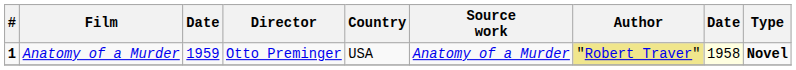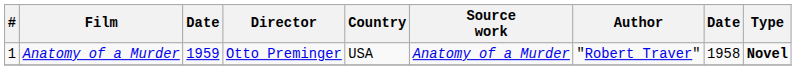 <table class="wikitable">
 <tr>
 <th>#</th>
 <th>Film</th>
 <th>Date</th>
 <th>Director</th>
 <th>Country</th>
 <th>Source<br>work</th>
 <th>Author</th>
 <th>Date</th>
 <th>Type</th>
 </tr>
 <tr>
-<td><strong>1</strong></td>
+<td>1</td>
 <td><em><a href='#'>Anatomy of a Murder</a></em></td>
 <td><a href='#'>1959</a></td>
 <td><a href='#'>Otto Preminger</a></td>
 <td>USA</td>
 <td><em><a href='#'>Anatomy of a Murder</a></em></td>
-<td style="background: khaki;">"<a href='#'>Robert Traver</a>"</td>
-<td style="background: lightyellow;">1958</td>
+<td>"<a href='#'>Robert Traver</a>"</td>
+<td>1958</td>
 <td><strong>Novel</strong></td>
 </tr>
 <tr>
 </tr>
 </table>
